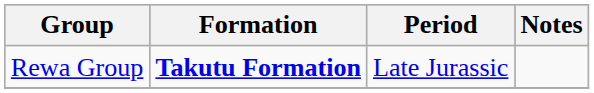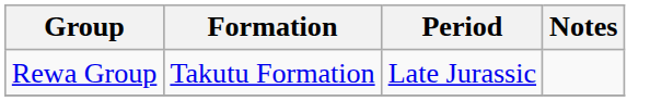 <table class="wikitable sortable">
 <tr>
 <th>Group</th>
 <th>Formation</th>
 <th>Period</th>
 <th class="unsortable">Notes</th>
 </tr>
 <tr>
 <td><a href='#'>Rewa Group</a></td>
-<td><strong><a href='#'>Takutu Formation</a></strong></td>
+<td><a href='#'>Takutu Formation</a></td>
 <td style="background-color: "><a href='#'>Late Jurassic</a></td>
 <td align=center></td>
 </tr>
 <tr>
 </tr>
 </table>
